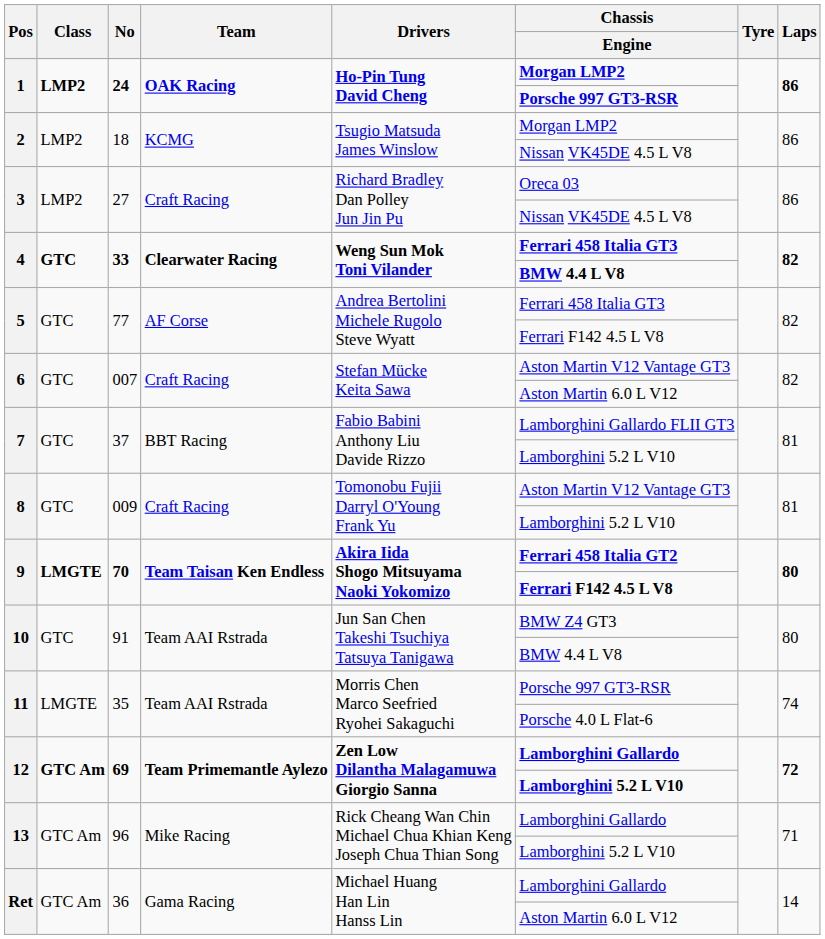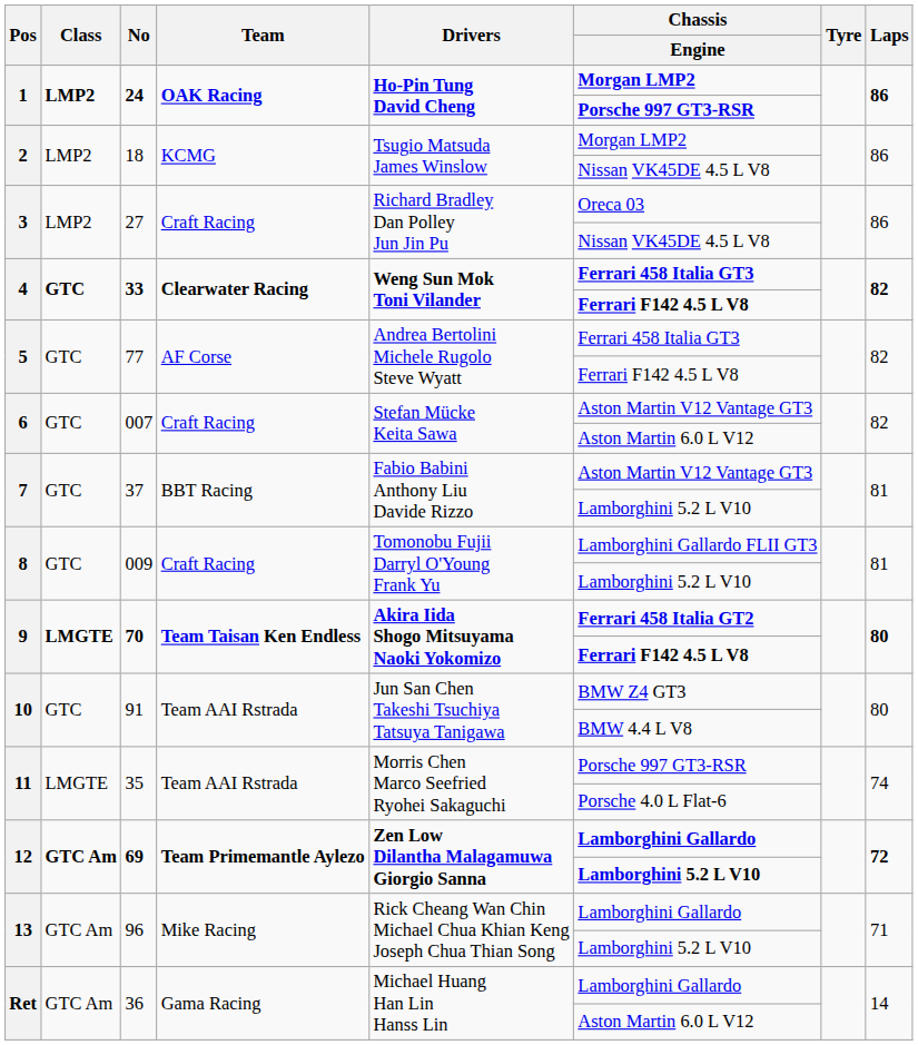 <table class="wikitable" style="font-size: 95%;">
 <tr>
 <th rowspan=2>Pos</th>
 <th rowspan=2>Class</th>
 <th rowspan=2>No</th>
 <th rowspan=2>Team</th>
 <th rowspan=2>Drivers</th>
 <th>Chassis</th>
 <th rowspan=2>Tyre</th>
 <th rowspan=2>Laps</th>
 </tr>
 <tr>
 <th>Engine</th>
 </tr>
 <tr style="font-weight:bold">
 <th rowspan=2>1</th>
 <td rowspan=2>LMP2</td>
 <td rowspan=2>24</td>
 <td rowspan=2> <a href='#'>OAK Racing</a></td>
 <td rowspan=2> <a href='#'>Ho-Pin Tung</a><br> <a href='#'>David Cheng</a></td>
 <td><a href='#'>Morgan LMP2</a></td>
 <td rowspan=2></td>
 <td rowspan=2>86</td>
 </tr>
 <tr style="font-weight:bold">
 <td><a href='#'>Porsche 997 GT3-RSR</a></td>
 </tr>
 <tr>
 <th rowspan=2>2</th>
 <td rowspan=2>LMP2</td>
 <td rowspan=2>18</td>
 <td rowspan=2> <a href='#'>KCMG</a></td>
 <td rowspan=2> <a href='#'>Tsugio Matsuda</a><br> <a href='#'>James Winslow</a></td>
 <td><a href='#'>Morgan LMP2</a></td>
 <td rowspan=2></td>
 <td rowspan=2>86</td>
 </tr>
 <tr>
 <td><a href='#'>Nissan</a> <a href='#'>VK45DE</a> 4.5 L V8</td>
 </tr>
 <tr>
 <th rowspan=2>3</th>
 <td rowspan=2>LMP2</td>
 <td rowspan=2>27</td>
 <td rowspan=2> <a href='#'>Craft Racing</a></td>
 <td rowspan=2> <a href='#'>Richard Bradley</a><br> Dan Polley<br> <a href='#'>Jun Jin Pu</a></td>
 <td><a href='#'>Oreca 03</a></td>
 <td rowspan=2></td>
 <td rowspan=2>86</td>
 </tr>
 <tr>
 <td><a href='#'>Nissan</a> <a href='#'>VK45DE</a> 4.5 L V8</td>
 </tr>
 <tr style="font-weight:bold">
 <th rowspan=2>4</th>
 <td rowspan=2>GTC</td>
 <td rowspan=2>33</td>
 <td rowspan=2> Clearwater Racing</td>
 <td rowspan=2> Weng Sun Mok<br> <a href='#'>Toni Vilander</a></td>
 <td><a href='#'>Ferrari 458 Italia GT3</a></td>
 <td rowspan=2></td>
 <td rowspan=2>82</td>
 </tr>
 <tr style="font-weight:bold">
-<td><a href='#'>BMW</a> 4.4 L V8</td>
+<td><a href='#'>Ferrari</a> F142 4.5 L V8</td>
 </tr>
 <tr>
 <th rowspan=2>5</th>
 <td rowspan=2>GTC</td>
 <td rowspan=2>77</td>
 <td rowspan=2> <a href='#'>AF Corse</a></td>
 <td rowspan=2> <a href='#'>Andrea Bertolini</a><br> <a href='#'>Michele Rugolo</a><br> Steve Wyatt</td>
 <td><a href='#'>Ferrari 458 Italia GT3</a></td>
 <td rowspan=2></td>
 <td rowspan=2>82</td>
 </tr>
 <tr>
 <td><a href='#'>Ferrari</a> F142 4.5 L V8</td>
 </tr>
 <tr>
 <th rowspan=2>6</th>
 <td rowspan=2>GTC</td>
 <td rowspan=2>007</td>
 <td rowspan=2> <a href='#'>Craft Racing</a></td>
 <td rowspan=2> <a href='#'>Stefan Mücke</a><br> <a href='#'>Keita Sawa</a></td>
 <td><a href='#'>Aston Martin V12 Vantage GT3</a></td>
 <td rowspan=2></td>
 <td rowspan=2>82</td>
 </tr>
 <tr>
 <td><a href='#'>Aston Martin</a> 6.0 L V12</td>
 </tr>
 <tr>
 <th rowspan=2>7</th>
 <td rowspan=2>GTC</td>
 <td rowspan=2>37</td>
 <td rowspan=2> BBT Racing</td>
 <td rowspan=2> <a href='#'>Fabio Babini</a><br> Anthony Liu<br> Davide Rizzo</td>
-<td><a href='#'>Lamborghini Gallardo FLII GT3</a></td>
+<td><a href='#'>Aston Martin V12 Vantage GT3</a></td>
 <td rowspan=2></td>
 <td rowspan=2>81</td>
 </tr>
 <tr>
 <td><a href='#'>Lamborghini</a> 5.2 L V10</td>
 </tr>
 <tr>
 <th rowspan=2>8</th>
 <td rowspan=2>GTC</td>
 <td rowspan=2>009</td>
 <td rowspan=2> <a href='#'>Craft Racing</a></td>
 <td rowspan=2> <a href='#'>Tomonobu Fujii</a><br> <a href='#'>Darryl O'Young</a><br> <a href='#'>Frank Yu</a></td>
-<td><a href='#'>Aston Martin V12 Vantage GT3</a></td>
+<td><a href='#'>Lamborghini Gallardo FLII GT3</a></td>
 <td rowspan=2></td>
 <td rowspan=2>81</td>
 </tr>
 <tr>
 <td><a href='#'>Lamborghini</a> 5.2 L V10</td>
 </tr>
 <tr style="font-weight:bold">
 <th rowspan=2>9</th>
 <td rowspan=2>LMGTE</td>
 <td rowspan=2>70</td>
 <td rowspan=2> <a href='#'>Team Taisan</a> Ken Endless</td>
 <td rowspan=2> <a href='#'>Akira Iida</a><br> Shogo Mitsuyama<br> <a href='#'>Naoki Yokomizo</a></td>
 <td><a href='#'>Ferrari 458 Italia GT2</a></td>
 <td rowspan=2></td>
 <td rowspan=2>80</td>
 </tr>
 <tr style="font-weight:bold">
 <td><a href='#'>Ferrari</a> F142 4.5 L V8</td>
 </tr>
 <tr>
 <th rowspan=2>10</th>
 <td rowspan=2>GTC</td>
 <td rowspan=2>91</td>
 <td rowspan=2> Team AAI Rstrada</td>
 <td rowspan=2> Jun San Chen<br> <a href='#'>Takeshi Tsuchiya</a><br> <a href='#'>Tatsuya Tanigawa</a></td>
 <td><a href='#'>BMW Z4</a> GT3</td>
 <td rowspan=2></td>
 <td rowspan=2>80</td>
 </tr>
 <tr>
 <td><a href='#'>BMW</a> 4.4 L V8</td>
 </tr>
 <tr>
 <th rowspan=2>11</th>
 <td rowspan=2>LMGTE</td>
 <td rowspan=2>35</td>
 <td rowspan=2> Team AAI Rstrada</td>
 <td rowspan=2> Morris Chen<br> Marco Seefried<br> Ryohei Sakaguchi</td>
 <td><a href='#'>Porsche 997 GT3-RSR</a></td>
 <td rowspan=2></td>
 <td rowspan=2>74</td>
 </tr>
 <tr>
 <td><a href='#'>Porsche</a> 4.0 L Flat-6</td>
 </tr>
 <tr style="font-weight:bold">
 <th rowspan=2>12</th>
 <td rowspan=2>GTC Am</td>
 <td rowspan=2>69</td>
 <td rowspan=2> Team Primemantle Aylezo</td>
 <td rowspan=2> Zen Low<br> <a href='#'>Dilantha Malagamuwa</a><br> Giorgio Sanna</td>
 <td><a href='#'>Lamborghini Gallardo</a></td>
 <td rowspan=2></td>
 <td rowspan=2>72</td>
 </tr>
 <tr style="font-weight:bold">
 <td><a href='#'>Lamborghini</a> 5.2 L V10</td>
 </tr>
 <tr>
 <th rowspan=2>13</th>
 <td rowspan=2>GTC Am</td>
 <td rowspan=2>96</td>
 <td rowspan=2> Mike Racing</td>
 <td rowspan=2> Rick Cheang Wan Chin<br> Michael Chua Khian Keng<br> Joseph Chua Thian Song</td>
 <td><a href='#'>Lamborghini Gallardo</a></td>
 <td rowspan=2></td>
 <td rowspan=2>71</td>
 </tr>
 <tr>
 <td><a href='#'>Lamborghini</a> 5.2 L V10</td>
 </tr>
 <tr>
 <th rowspan=2>Ret</th>
 <td rowspan=2>GTC Am</td>
 <td rowspan=2>36</td>
 <td rowspan=2> Gama Racing</td>
 <td rowspan=2> Michael Huang<br> Han Lin<br> Hanss Lin</td>
 <td><a href='#'>Lamborghini Gallardo</a></td>
 <td rowspan=2></td>
 <td rowspan=2>14</td>
 </tr>
 <tr>
 <td><a href='#'>Aston Martin</a> 6.0 L V12</td>
 </tr>
 </table>
